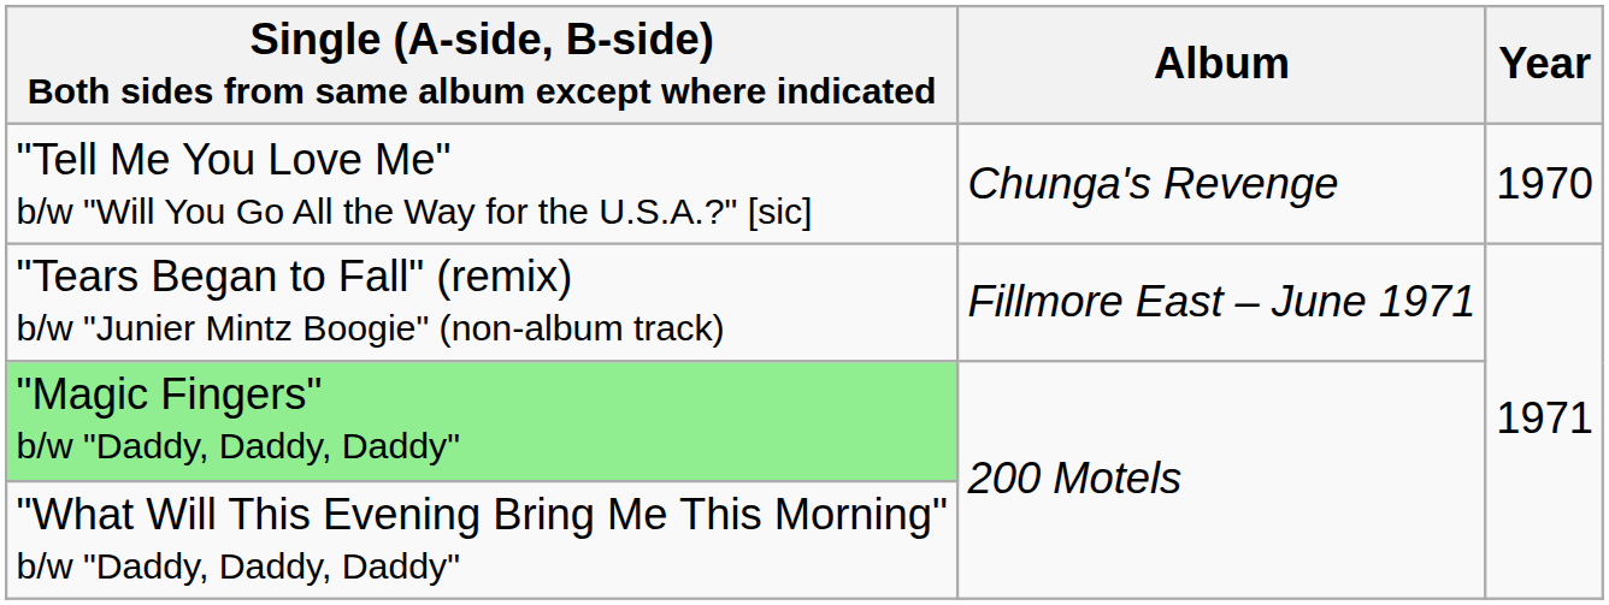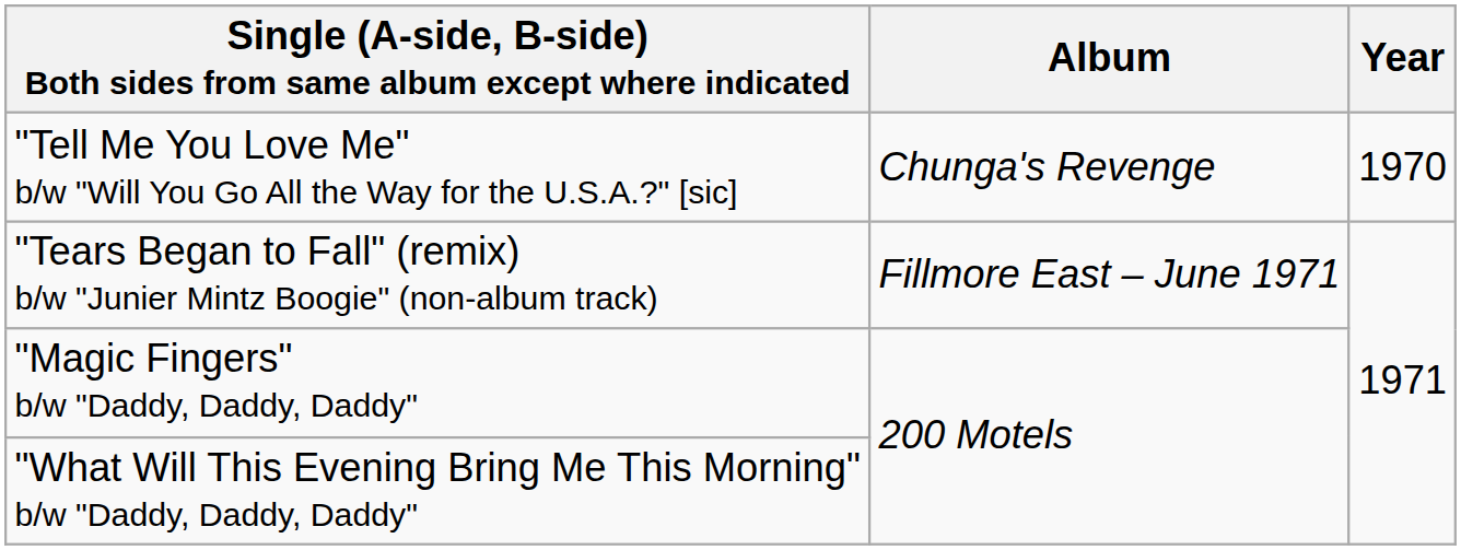 <table class="wikitable">
 <tr>
 <th>Single (A-side, B-side)<br><small>Both sides from same album except where indicated</small></th>
 <th>Album</th>
 <th>Year</th>
 </tr>
 <tr>
 <td>"Tell Me You Love Me"<br><small>b/w "Will You Go All the Way for the U.S.A.?" [sic]</small></td>
 <td><em>Chunga's Revenge</em></td>
 <td rowspan="1">1970</td>
 </tr>
 <tr>
 <td>"Tears Began to Fall" (remix)<br><small>b/w "Junier Mintz Boogie" (non-album track)</small></td>
 <td><em>Fillmore East – June 1971</em></td>
 <td rowspan="3">1971</td>
 </tr>
 <tr>
-<td style="background: lightgreen;">"Magic Fingers"<br><small>b/w "Daddy, Daddy, Daddy"</small></td>
+<td>"Magic Fingers"<br><small>b/w "Daddy, Daddy, Daddy"</small></td>
 <td rowspan="2"><em>200 Motels</em></td>
 </tr>
 <tr>
 <td>"What Will This Evening Bring Me This Morning"<br><small>b/w "Daddy, Daddy, Daddy"</small></td>
 </tr>
 </table>
